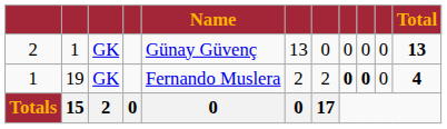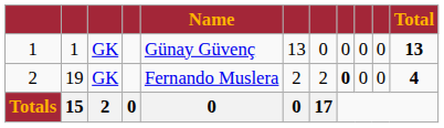 <table class="wikitable" style="text-align:center">
 <tr>
 <th style="background:#A32638; color:#FFB300; "></th>
 <th style="background:#A32638; color:#FFB300; "></th>
 <th style="background:#A32638; color:#FFB300; "></th>
 <th style="background:#A32638; color:#FFB300; "></th>
 <th style="background:#A32638; color:#FFB300; ">Name</th>
 <th style="background:#A32638; color:#FFB300; "></th>
 <th style="background:#A32638; color:#FFB300; "></th>
 <th style="background:#A32638; color:#FFB300; "></th>
 <th style="background:#A32638; color:#FFB300; "></th>
 <th style="background:#A32638; color:#FFB300; "></th>
 <th style="background:#A32638; color:#FFB300; ">Total</th>
 </tr>
 <tr>
-<td>2</td>
+<td>1</td>
 <td>1</td>
 <td><a href='#'>GK</a></td>
 <td></td>
 <td align=left><a href='#'>Günay Güvenç</a></td>
 <td>13</td>
 <td>0</td>
 <td>0</td>
 <td>0</td>
 <td>0</td>
 <td><strong>13</strong></td>
 </tr>
 <tr>
-<td>1</td>
+<td>2</td>
 <td>19</td>
 <td><a href='#'>GK</a></td>
 <td></td>
 <td align=left><a href='#'>Fernando Muslera</a></td>
 <td>2</td>
 <td>2</td>
 <td><strong>0</strong></td>
-<td><strong>0</strong></td>
+<td>0</td>
 <td>0</td>
 <td><strong>4</strong></td>
 </tr>
 <tr>
 <td style="background:#A32638; color:#FFB300; "><strong>Totals</strong></td>
 <th><strong>15</strong></th>
 <th><strong>2</strong></th>
 <th><strong>0</strong></th>
 <th><strong>0</strong></th>
 <th><strong>0</strong></th>
 <th><strong>17</strong></th>
 </tr>
 </table>
